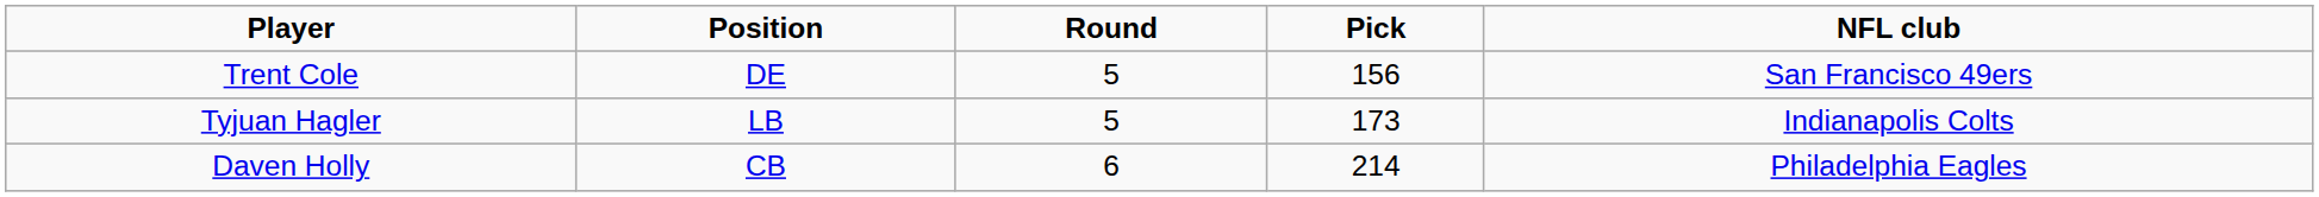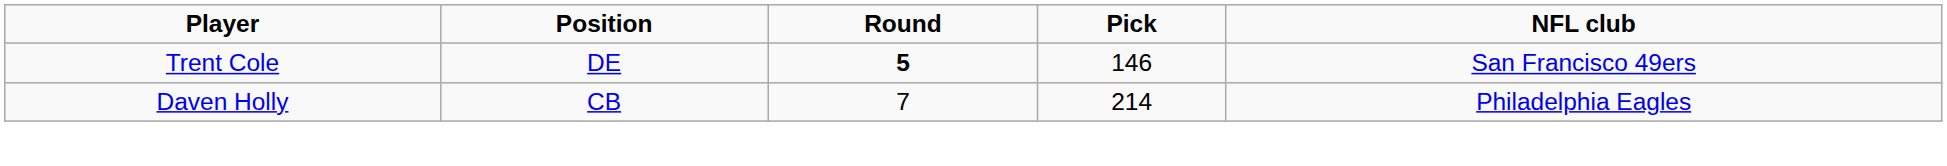 <table class="wikitable" width="80%">
 <tr align="center">
 <td><strong>Player</strong></td>
 <td><strong>Position</strong></td>
 <td><strong>Round</strong></td>
 <td><strong>Pick</strong></td>
 <td><strong>NFL club</strong></td>
 </tr>
 <tr align="center" bgcolor="">
 <td><a href='#'>Trent Cole</a></td>
 <td><a href='#'>DE</a></td>
-<td>5</td>
-<td>156</td>
+<td><strong>5</strong></td>
+<td>146</td>
 <td><a href='#'>San Francisco 49ers</a></td>
-</tr>
-<tr align="center" bgcolor="">
-<td><a href='#'>Tyjuan Hagler</a></td>
-<td><a href='#'>LB</a></td>
-<td>5</td>
-<td>173</td>
-<td><a href='#'>Indianapolis Colts</a></td>
 </tr>
 <tr align="center" bgcolor="">
 <td><a href='#'>Daven Holly</a></td>
 <td><a href='#'>CB</a></td>
-<td>6</td>
+<td>7</td>
 <td>214</td>
 <td><a href='#'>Philadelphia Eagles</a></td>
 </tr>
 </table>
